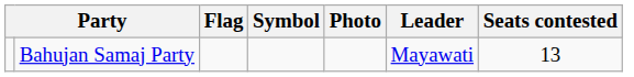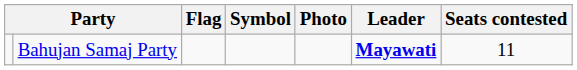 <table class="wikitable" style="text-align:center;">
 <tr>
 <th colspan="2">Party</th>
 <th>Flag</th>
 <th>Symbol</th>
 <th>Photo</th>
 <th>Leader</th>
 <th>Seats contested</th>
 </tr>
 <tr>
 <td></td>
 <td><a href='#'>Bahujan Samaj Party</a></td>
 <td></td>
 <td></td>
 <td></td>
-<td><a href='#'>Mayawati</a></td>
-<td>13</td>
+<td><strong><a href='#'>Mayawati</a></strong></td>
+<td>11</td>
 </tr>
 </table>
